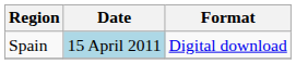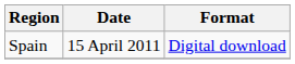 <table class=wikitable>
 <tr>
 <th>Region</th>
 <th>Date</th>
 <th>Format</th>
 </tr>
 <tr>
 <td>Spain</td>
-<td style="background: lightblue;">15 April 2011</td>
+<td>15 April 2011</td>
 <td><a href='#'>Digital download</a></td>
 </tr>
 <tr>
 </tr>
 </table>
